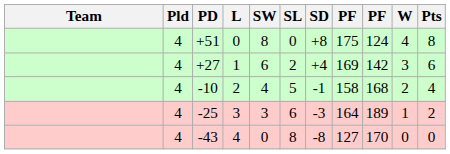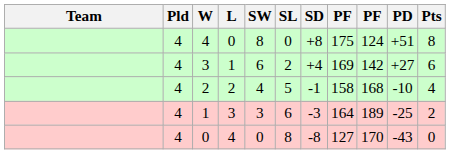 <table class=wikitable style="text-align:center">
 <tr>
 <th width=160>Team</th>
 <th width=20>Pld</th>
-<th width=20>PD</th>
+<th width=20>W</th>
 <th width=20>L</th>
 <th width=20>SW</th>
 <th width=20>SL</th>
 <th width=20>SD</th>
 <th width=20>PF</th>
 <th width=20>PF</th>
-<th width=20>W</th>
+<th width=20>PD</th>
 <th width=20>Pts</th>
 </tr>
 <tr bgcolor="ccffcc">
 <td align=left></td>
 <td>4</td>
-<td>+51</td>
+<td>4</td>
 <td>0</td>
 <td>8</td>
 <td>0</td>
 <td>+8</td>
 <td>175</td>
 <td>124</td>
-<td>4</td>
+<td>+51</td>
 <td>8</td>
 </tr>
 <tr bgcolor="ccffcc">
 <td align=left></td>
 <td>4</td>
-<td>+27</td>
+<td>3</td>
 <td>1</td>
 <td>6</td>
 <td>2</td>
 <td>+4</td>
 <td>169</td>
 <td>142</td>
-<td>3</td>
+<td>+27</td>
 <td>6</td>
 </tr>
 <tr bgcolor="ccffcc">
 <td align=left></td>
 <td>4</td>
-<td>-10</td>
+<td>2</td>
 <td>2</td>
 <td>4</td>
 <td>5</td>
 <td>-1</td>
 <td>158</td>
 <td>168</td>
-<td>2</td>
+<td>-10</td>
 <td>4</td>
 </tr>
 <tr bgcolor="ffcccc">
 <td align=left></td>
 <td>4</td>
-<td>-25</td>
+<td>1</td>
 <td>3</td>
 <td>3</td>
 <td>6</td>
 <td>-3</td>
 <td>164</td>
 <td>189</td>
-<td>1</td>
+<td>-25</td>
 <td>2</td>
 </tr>
 <tr bgcolor="ffcccc">
 <td align=left></td>
 <td>4</td>
-<td>-43</td>
+<td>0</td>
 <td>4</td>
 <td>0</td>
 <td>8</td>
 <td>-8</td>
 <td>127</td>
 <td>170</td>
-<td>0</td>
+<td>-43</td>
 <td>0</td>
 </tr>
 </table>
